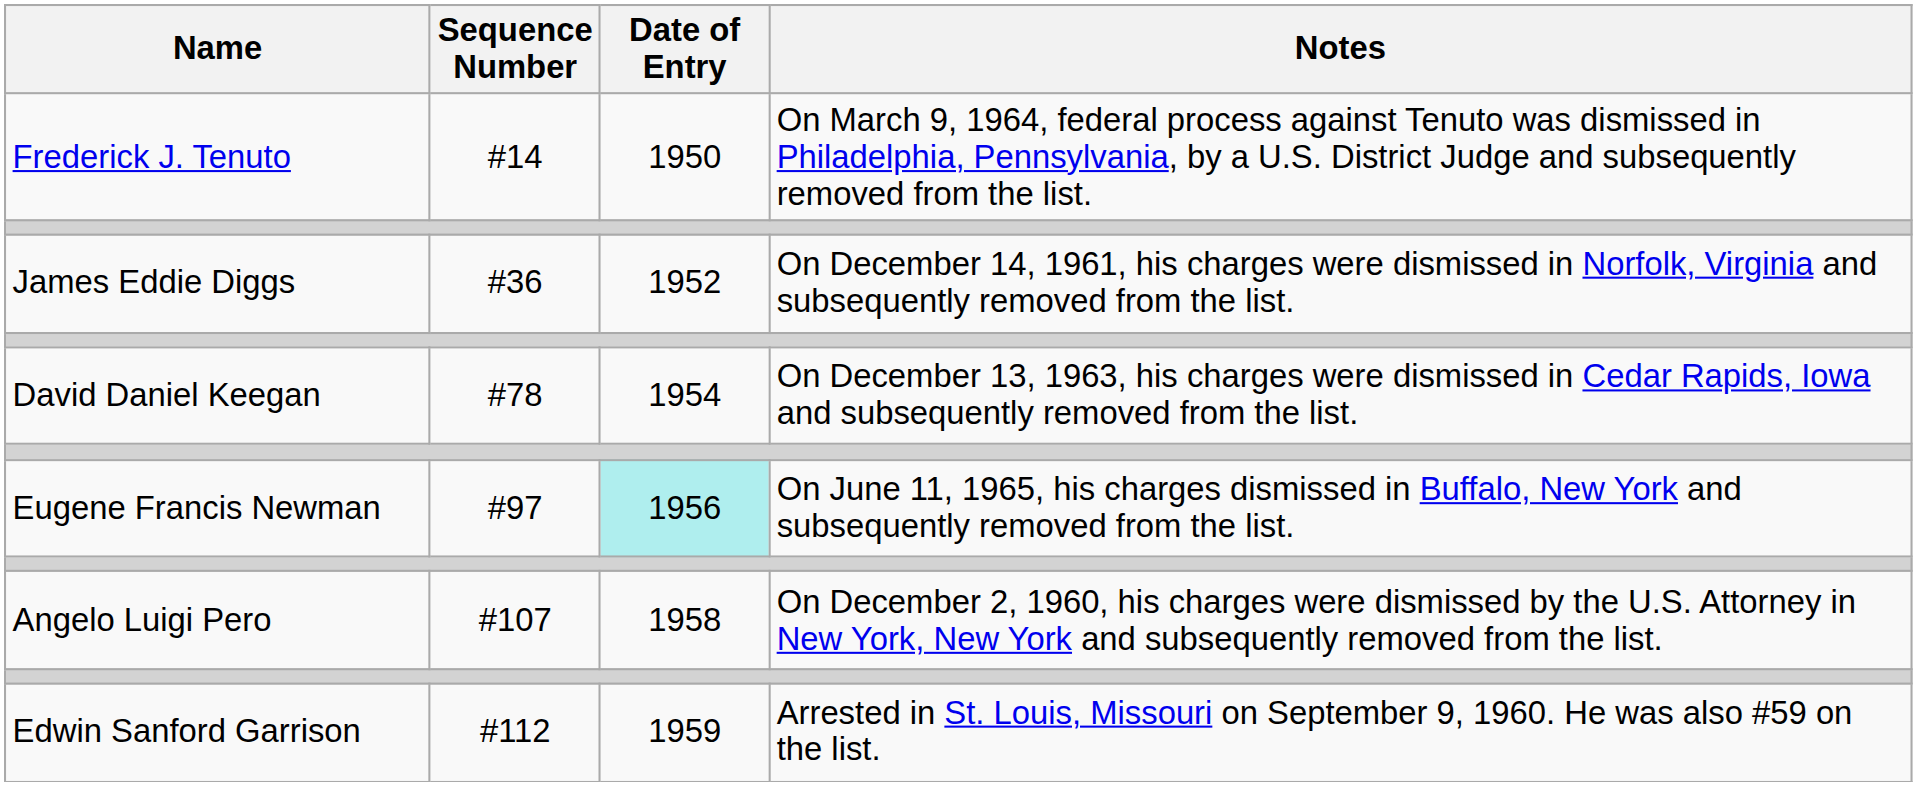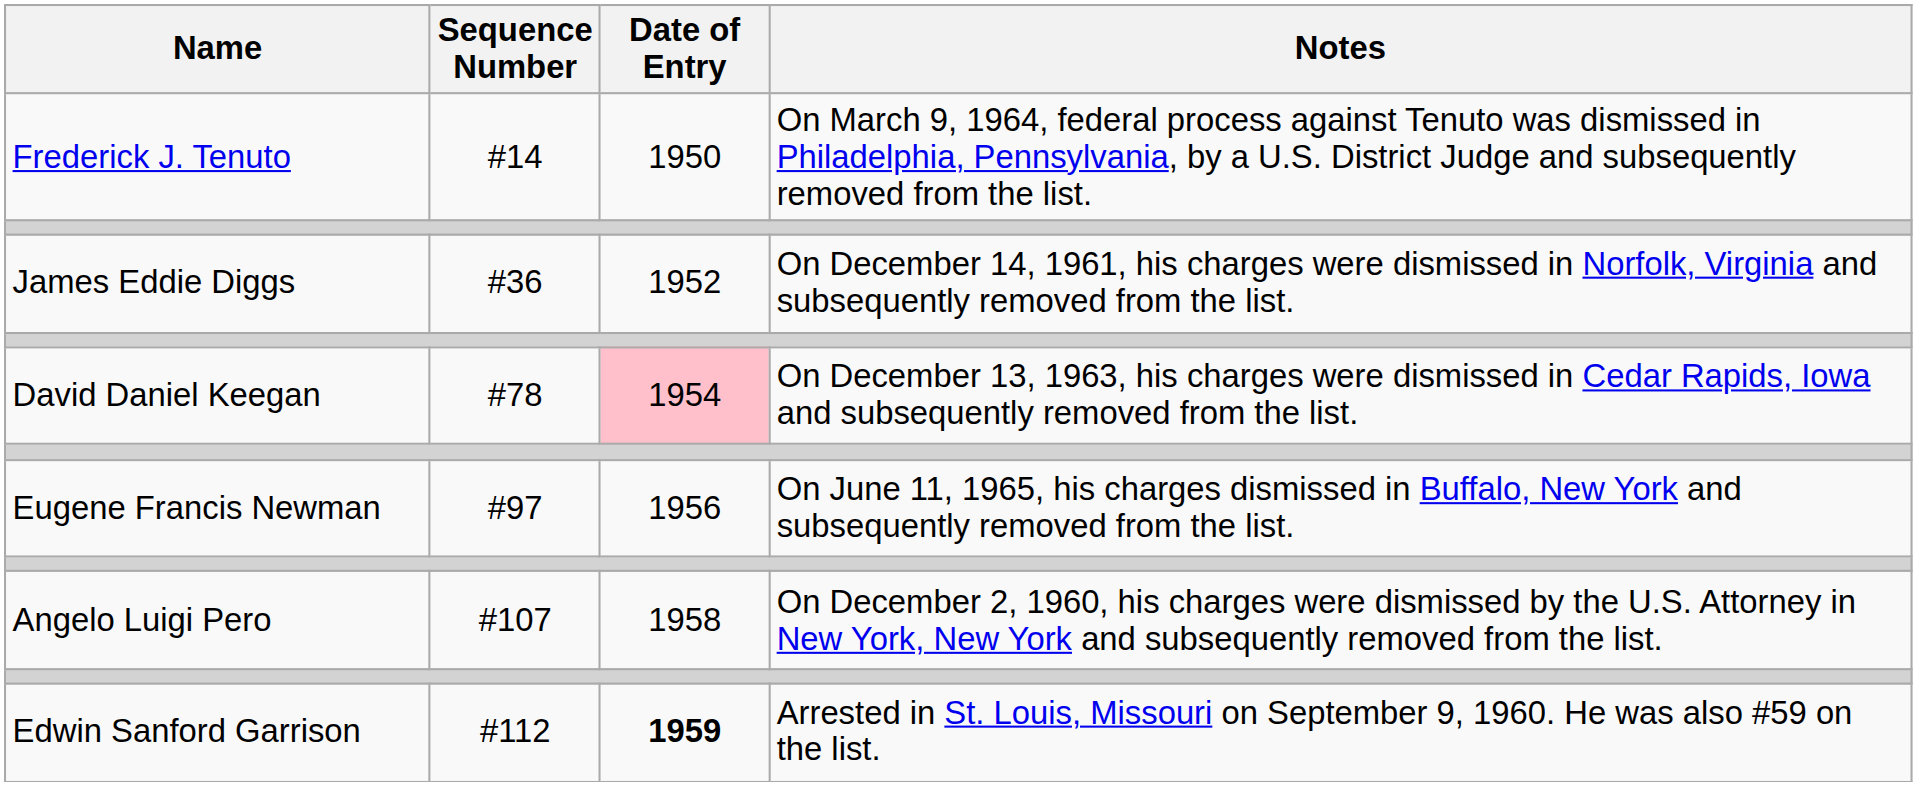 <table class="wikitable">
 <tr>
 <th width="200">Name</th>
 <th width="75">Sequence Number</th>
 <th width="75">Date of Entry</th>
 <th width="550">Notes</th>
 </tr>
 <tr>
 <td height="40"><a href='#'>Frederick J. Tenuto</a></td>
 <td align="center">#14</td>
 <td align="center">1950</td>
 <td>On March 9, 1964, federal process against Tenuto was dismissed in <a href='#'>Philadelphia, Pennsylvania</a>, by a U.S. District Judge and subsequently removed from the list.</td>
 </tr>
 <tr>
 <td colspan="4" style="background-color:lightgrey;"></td>
 </tr>
 <tr>
 <td height="40">James Eddie Diggs</td>
 <td align="center">#36</td>
 <td align="center">1952</td>
 <td>On December 14, 1961, his charges were dismissed in <a href='#'>Norfolk, Virginia</a> and subsequently removed from the list.</td>
 </tr>
 <tr>
 <td colspan="4" style="background-color:lightgrey;"></td>
 </tr>
 <tr>
 <td height="40">David Daniel Keegan</td>
 <td align="center">#78</td>
-<td align="center">1954</td>
+<td align="center" style="background: pink;">1954</td>
 <td>On December 13, 1963, his charges were dismissed in <a href='#'>Cedar Rapids, Iowa</a> and subsequently removed from the list.</td>
 </tr>
 <tr>
 <td colspan="4" style="background-color:lightgrey;"></td>
 </tr>
 <tr>
 <td height="40">Eugene Francis Newman</td>
 <td align="center">#97</td>
-<td align="center" style="background: paleturquoise;">1956</td>
+<td align="center">1956</td>
 <td>On June 11, 1965, his charges dismissed in <a href='#'>Buffalo, New York</a> and subsequently removed from the list.</td>
 </tr>
 <tr>
 <td colspan="4" style="background-color:lightgrey;"></td>
 </tr>
 <tr>
 <td height="40">Angelo Luigi Pero</td>
 <td align="center">#107</td>
 <td align="center">1958</td>
 <td>On December 2, 1960, his charges were dismissed by the U.S. Attorney in <a href='#'>New York, New York</a> and subsequently removed from the list.</td>
 </tr>
 <tr>
 <td colspan="4" style="background-color:lightgrey;"></td>
 </tr>
 <tr>
 <td height="40">Edwin Sanford Garrison</td>
 <td align="center">#112</td>
-<td align="center">1959</td>
+<td align="center"><strong>1959</strong></td>
 <td>Arrested in <a href='#'>St. Louis, Missouri</a> on September 9, 1960. He was also #59 on the list.</td>
 </tr>
 </table>
